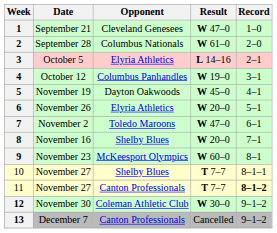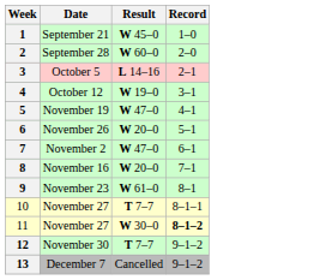 <table class="wikitable" style="text-align:center">
 <tr>
 <th>Week</th>
 <th>Date</th>
-<th>Opponent</th>
 <th>Result</th>
 <th>Record</th>
 </tr>
 <tr style="background:#cfc">
 <th>1</th>
 <td>September 21</td>
-<td>Cleveland Genesees</td>
-<td><strong>W</strong> 47–0</td>
+<td><strong>W</strong> 45–0</td>
 <td>1–0</td>
 </tr>
 <tr style="background:#cfc">
 <th>2</th>
 <td>September 28</td>
-<td>Columbus Nationals</td>
-<td><strong>W</strong> 61–0</td>
+<td><strong>W</strong> 60–0</td>
 <td>2–0</td>
 </tr>
 <tr style="background:#fcc">
 <th>3</th>
 <td>October 5</td>
-<td><a href='#'>Elyria Athletics</a></td>
 <td><strong>L</strong> 14–16</td>
 <td>2–1</td>
 </tr>
 <tr style="background:#cfc">
 <th>4</th>
 <td>October 12</td>
-<td><a href='#'>Columbus Panhandles</a></td>
 <td><strong>W</strong> 19–0</td>
 <td>3–1</td>
 </tr>
 <tr style="background:#cfc">
 <th>5</th>
 <td>November 19</td>
-<td>Dayton Oakwoods</td>
-<td><strong>W</strong> 45–0</td>
+<td><strong>W</strong> 47–0</td>
 <td>4–1</td>
 </tr>
 <tr style="background:#cfc">
 <th>6</th>
 <td>November 26</td>
-<td><a href='#'>Elyria Athletics</a></td>
 <td><strong>W</strong> 20–0</td>
 <td>5–1</td>
 </tr>
 <tr style="background:#cfc">
 <th>7</th>
 <td>November 2</td>
-<td><a href='#'>Toledo Maroons</a></td>
 <td><strong>W</strong> 47–0</td>
 <td>6–1</td>
 </tr>
 <tr style="background:#cfc">
 <th>8</th>
 <td>November 16</td>
-<td><a href='#'>Shelby Blues</a></td>
 <td><strong>W</strong> 20–0</td>
 <td>7–1</td>
 </tr>
 <tr style="background:#cfc">
 <th>9</th>
 <td>November 23</td>
-<td><a href='#'>McKeesport Olympics</a></td>
-<td><strong>W</strong> 60–0</td>
+<td><strong>W</strong> 61–0</td>
 <td>8–1</td>
 </tr>
 <tr style="background:#ffc">
 <td>10</td>
 <td>November 27</td>
-<td><a href='#'>Shelby Blues</a></td>
 <td><strong>T</strong> 7–7</td>
 <td>8–1–1</td>
 </tr>
 <tr style="background:#ffc">
 <td>11</td>
 <td>November 27</td>
-<td><a href='#'>Canton Professionals</a></td>
-<td><strong>T</strong> 7–7</td>
+<td><strong>W</strong> 30–0</td>
 <td><strong>8–1–2</strong></td>
 </tr>
 <tr style="background:#cfc">
 <th>12</th>
 <td>November 30</td>
-<td><a href='#'>Coleman Athletic Club</a></td>
-<td><strong>W</strong> 30–0</td>
+<td><strong>T</strong> 7–7</td>
 <td>9–1–2</td>
 </tr>
 <tr style="background:#bababa">
 <th>13</th>
 <td>December 7</td>
-<td><a href='#'>Canton Professionals</a></td>
 <td>Cancelled</td>
 <td>9–1–2</td>
 </tr>
 </table>
